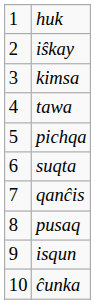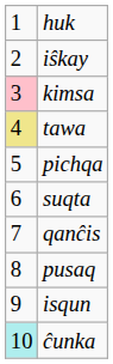 <table class="wikitable">
 <tr>
 <td>1</td>
 <td><em>huk</em></td>
 </tr>
 <tr>
 <td>2</td>
 <td><em>iŝkay</em></td>
 </tr>
 <tr>
-<td>3</td>
+<td style="background: pink;">3</td>
 <td><em>kimsa</em></td>
 </tr>
 <tr>
-<td>4</td>
+<td style="background: khaki;">4</td>
 <td><em>tawa</em></td>
 </tr>
 <tr>
 <td>5</td>
 <td><em>pichqa</em></td>
 </tr>
 <tr>
 <td>6</td>
 <td><em>suqta</em></td>
 </tr>
 <tr>
 <td>7</td>
 <td><em>qanĉis</em></td>
 </tr>
 <tr>
 <td>8</td>
 <td><em>pusaq</em></td>
 </tr>
 <tr>
 <td>9</td>
 <td><em>isqun</em></td>
 </tr>
 <tr>
-<td>10</td>
+<td style="background: paleturquoise;">10</td>
 <td><em>ĉunka</em></td>
 </tr>
 </table>
